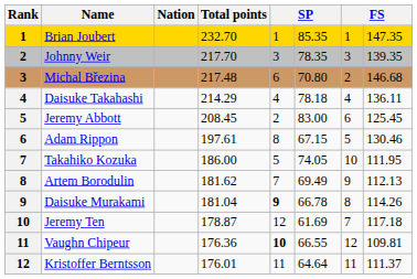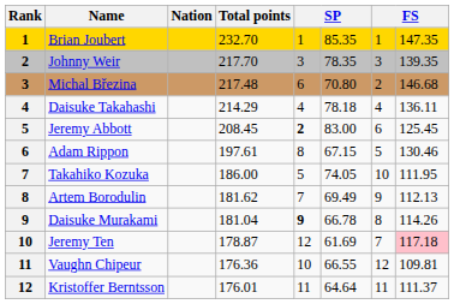 <table class="wikitable sortable">
 <tr>
 <th>Rank</th>
 <th>Name</th>
 <th>Nation</th>
 <th>Total points</th>
 <th colspan="2" style="width:80px;"><a href='#'>SP</a></th>
 <th colspan="2" style="width:80px;"><a href='#'>FS</a></th>
 </tr>
 <tr style="background:gold;">
 <td style="text-align:center;"><strong>1</strong></td>
 <td><a href='#'>Brian Joubert</a></td>
 <td></td>
 <td>232.70</td>
 <td>1</td>
 <td>85.35</td>
 <td>1</td>
 <td>147.35</td>
 </tr>
 <tr style="background:silver;">
 <td style="text-align:center;"><strong>2</strong></td>
 <td><a href='#'>Johnny Weir</a></td>
 <td></td>
 <td>217.70</td>
 <td>3</td>
 <td>78.35</td>
 <td>3</td>
 <td>139.35</td>
 </tr>
 <tr style="background:#c96;">
 <td style="text-align:center;"><strong>3</strong></td>
 <td><a href='#'>Michal Březina</a></td>
 <td></td>
 <td>217.48</td>
 <td>6</td>
 <td>70.80</td>
 <td>2</td>
 <td>146.68</td>
 </tr>
 <tr>
 <th>4</th>
 <td><a href='#'>Daisuke Takahashi</a></td>
 <td></td>
 <td>214.29</td>
 <td>4</td>
 <td>78.18</td>
 <td>4</td>
 <td>136.11</td>
 </tr>
 <tr>
 <th>5</th>
 <td><a href='#'>Jeremy Abbott</a></td>
 <td></td>
 <td>208.45</td>
-<td>2</td>
+<td><strong>2</strong></td>
 <td>83.00</td>
 <td>6</td>
 <td>125.45</td>
 </tr>
 <tr>
 <th>6</th>
 <td><a href='#'>Adam Rippon</a></td>
 <td></td>
 <td>197.61</td>
 <td>8</td>
 <td>67.15</td>
 <td>5</td>
 <td>130.46</td>
 </tr>
 <tr>
 <th>7</th>
 <td><a href='#'>Takahiko Kozuka</a></td>
 <td></td>
 <td>186.00</td>
 <td>5</td>
 <td>74.05</td>
 <td>10</td>
 <td>111.95</td>
 </tr>
 <tr>
 <th>8</th>
 <td><a href='#'>Artem Borodulin</a></td>
 <td></td>
 <td>181.62</td>
 <td>7</td>
 <td>69.49</td>
 <td>9</td>
 <td>112.13</td>
 </tr>
 <tr>
 <th>9</th>
 <td><a href='#'>Daisuke Murakami</a></td>
 <td></td>
 <td>181.04</td>
 <td><strong>9</strong></td>
 <td>66.78</td>
 <td>8</td>
 <td>114.26</td>
 </tr>
 <tr>
 <th>10</th>
 <td><a href='#'>Jeremy Ten</a></td>
 <td></td>
 <td>178.87</td>
 <td>12</td>
 <td>61.69</td>
 <td>7</td>
-<td>117.18</td>
+<td style="background: pink;">117.18</td>
 </tr>
 <tr>
 <th>11</th>
 <td><a href='#'>Vaughn Chipeur</a></td>
 <td></td>
 <td>176.36</td>
-<td><strong>10</strong></td>
+<td>10</td>
 <td>66.55</td>
 <td>12</td>
 <td>109.81</td>
 </tr>
 <tr>
 <th>12</th>
 <td><a href='#'>Kristoffer Berntsson</a></td>
 <td></td>
 <td>176.01</td>
 <td>11</td>
 <td>64.64</td>
 <td>11</td>
 <td>111.37</td>
 </tr>
 </table>
